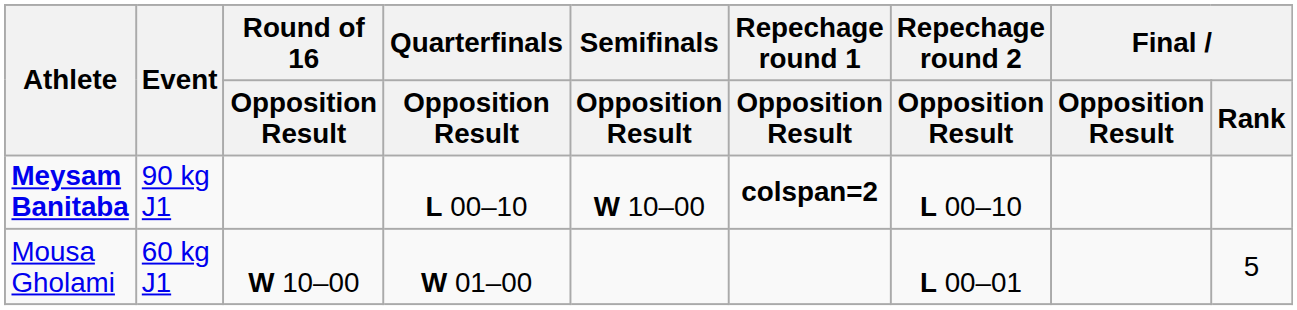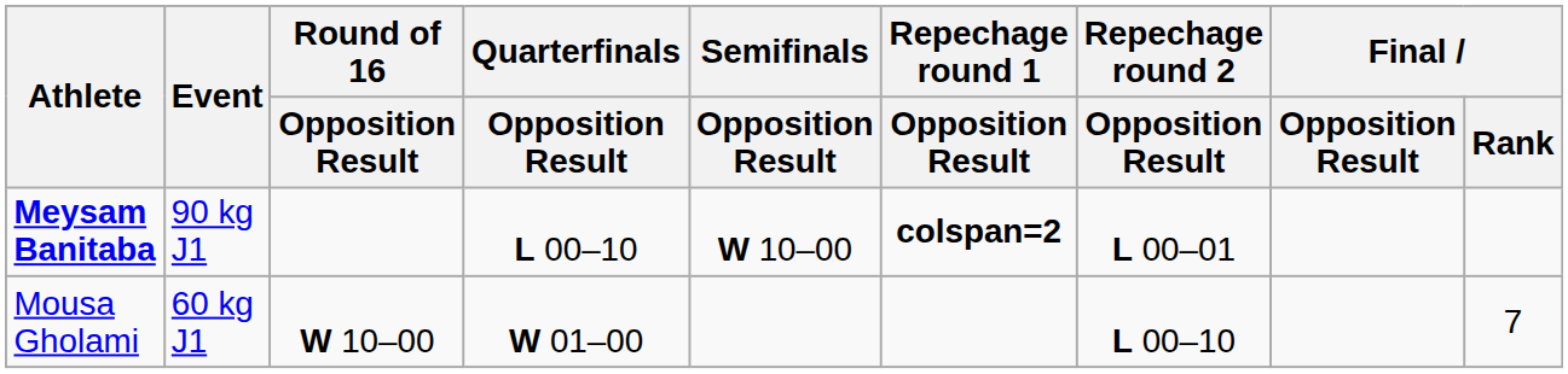 <table class= wikitable style="font-size:90%">
 <tr>
 <th rowspan="2">Athlete</th>
 <th rowspan="2">Event</th>
 <th>Round of 16</th>
 <th>Quarterfinals</th>
 <th>Semifinals</th>
 <th>Repechage <br>round 1</th>
 <th>Repechage <br>round 2</th>
 <th colspan="2">Final / </th>
 </tr>
 <tr>
 <th>Opposition<br>Result</th>
 <th>Opposition<br>Result</th>
 <th>Opposition<br>Result</th>
 <th>Opposition<br>Result</th>
 <th>Opposition<br>Result</th>
 <th>Opposition<br>Result</th>
 <th>Rank</th>
 </tr>
 <tr align=center>
 <td align=left><strong><a href='#'>Meysam Banitaba</a></strong></td>
 <td align=left><a href='#'>90 kg J1</a></td>
 <td></td>
 <td><br><strong>L</strong> 00–10</td>
 <td><br><strong>W</strong> 10–00</td>
 <td><strong>colspan=2 </strong></td>
-<td><br><strong>L</strong> 00–10</td>
+<td><br><strong>L</strong> 00–01</td>
 <td></td>
 </tr>
 <tr align=center>
 <td align=left><a href='#'>Mousa Gholami</a></td>
 <td align=left><a href='#'>60 kg J1</a></td>
 <td><br><strong>W</strong> 10–00</td>
 <td><br><strong>W</strong> 01–00</td>
 <td></td>
 <td></td>
-<td><br><strong>L</strong> 00–01</td>
+<td><br><strong>L</strong> 00–10</td>
 <td></td>
-<td>5</td>
+<td>7</td>
 </tr>
 </table>
